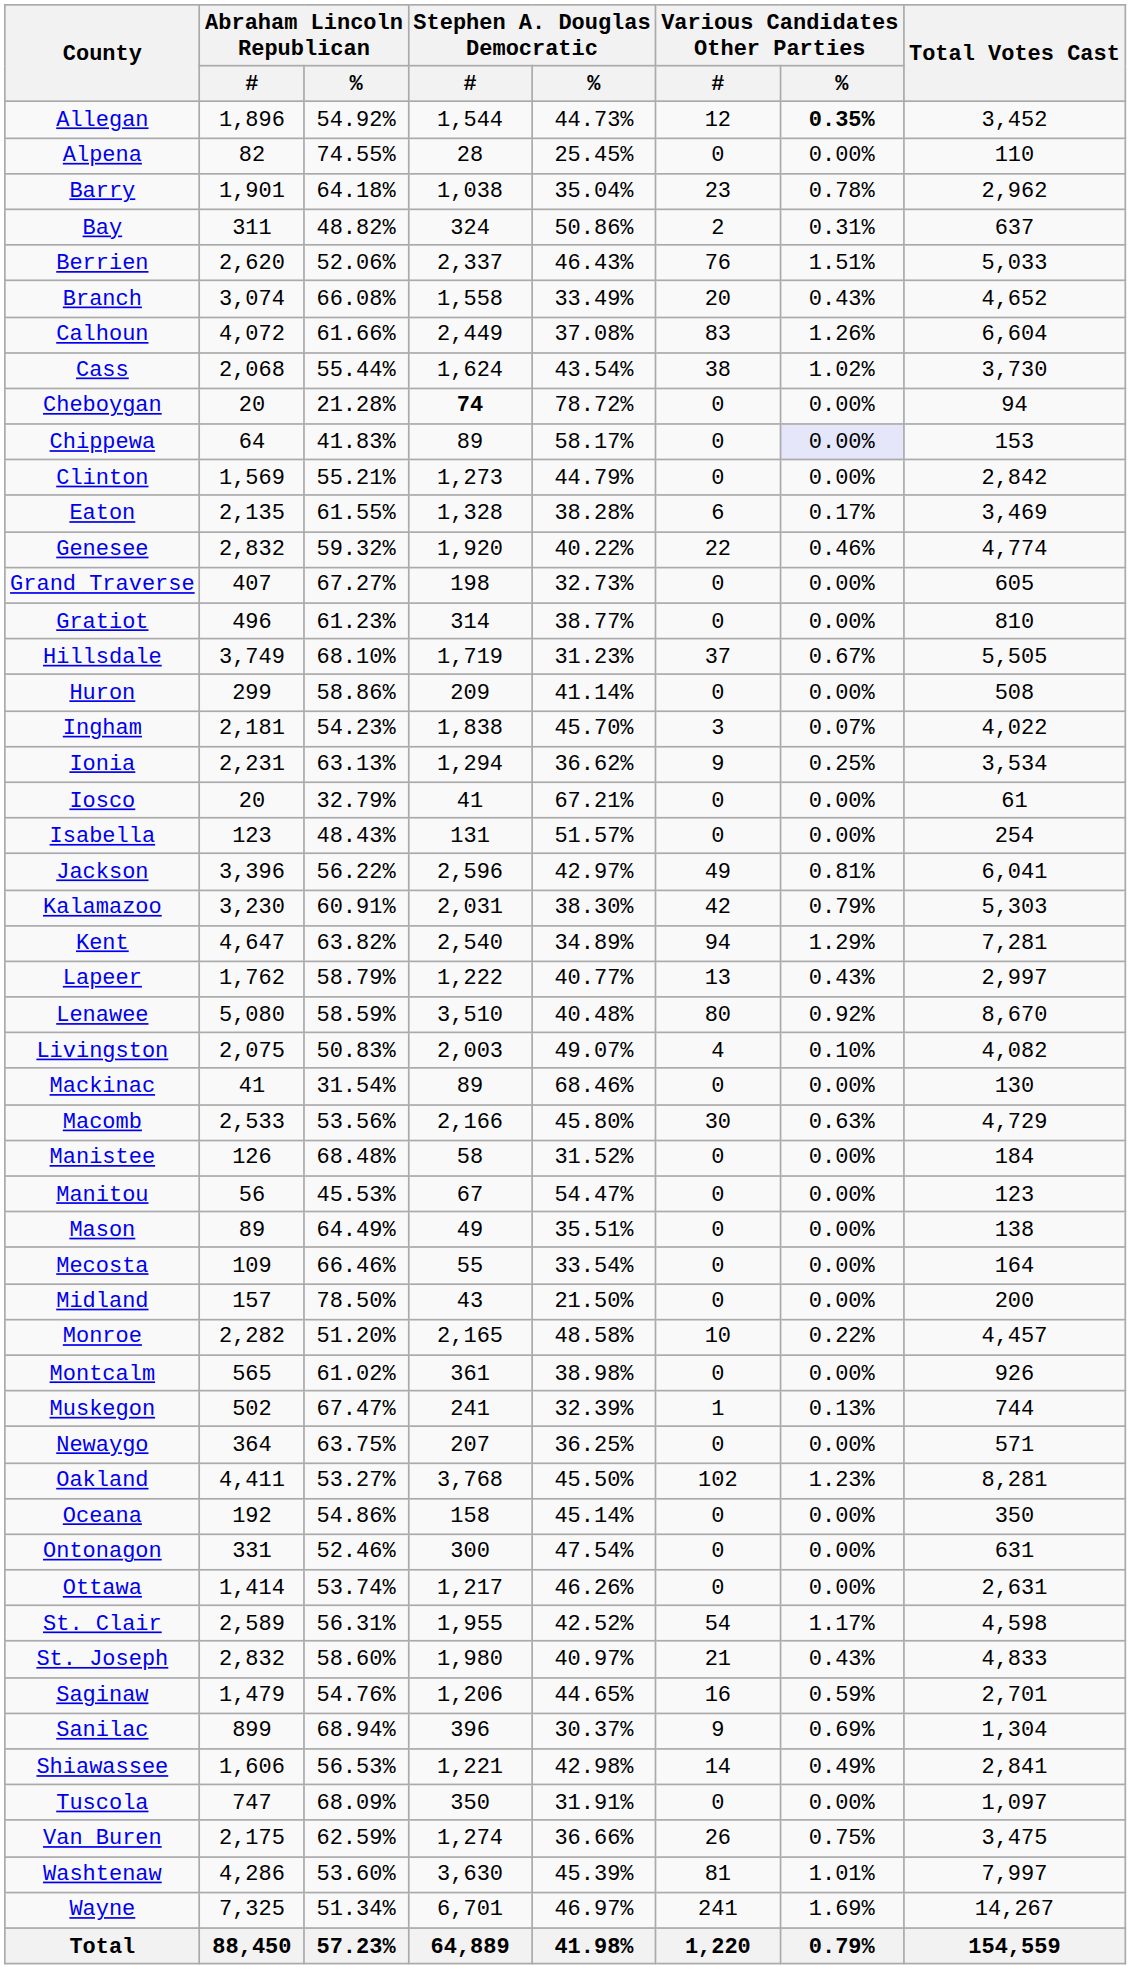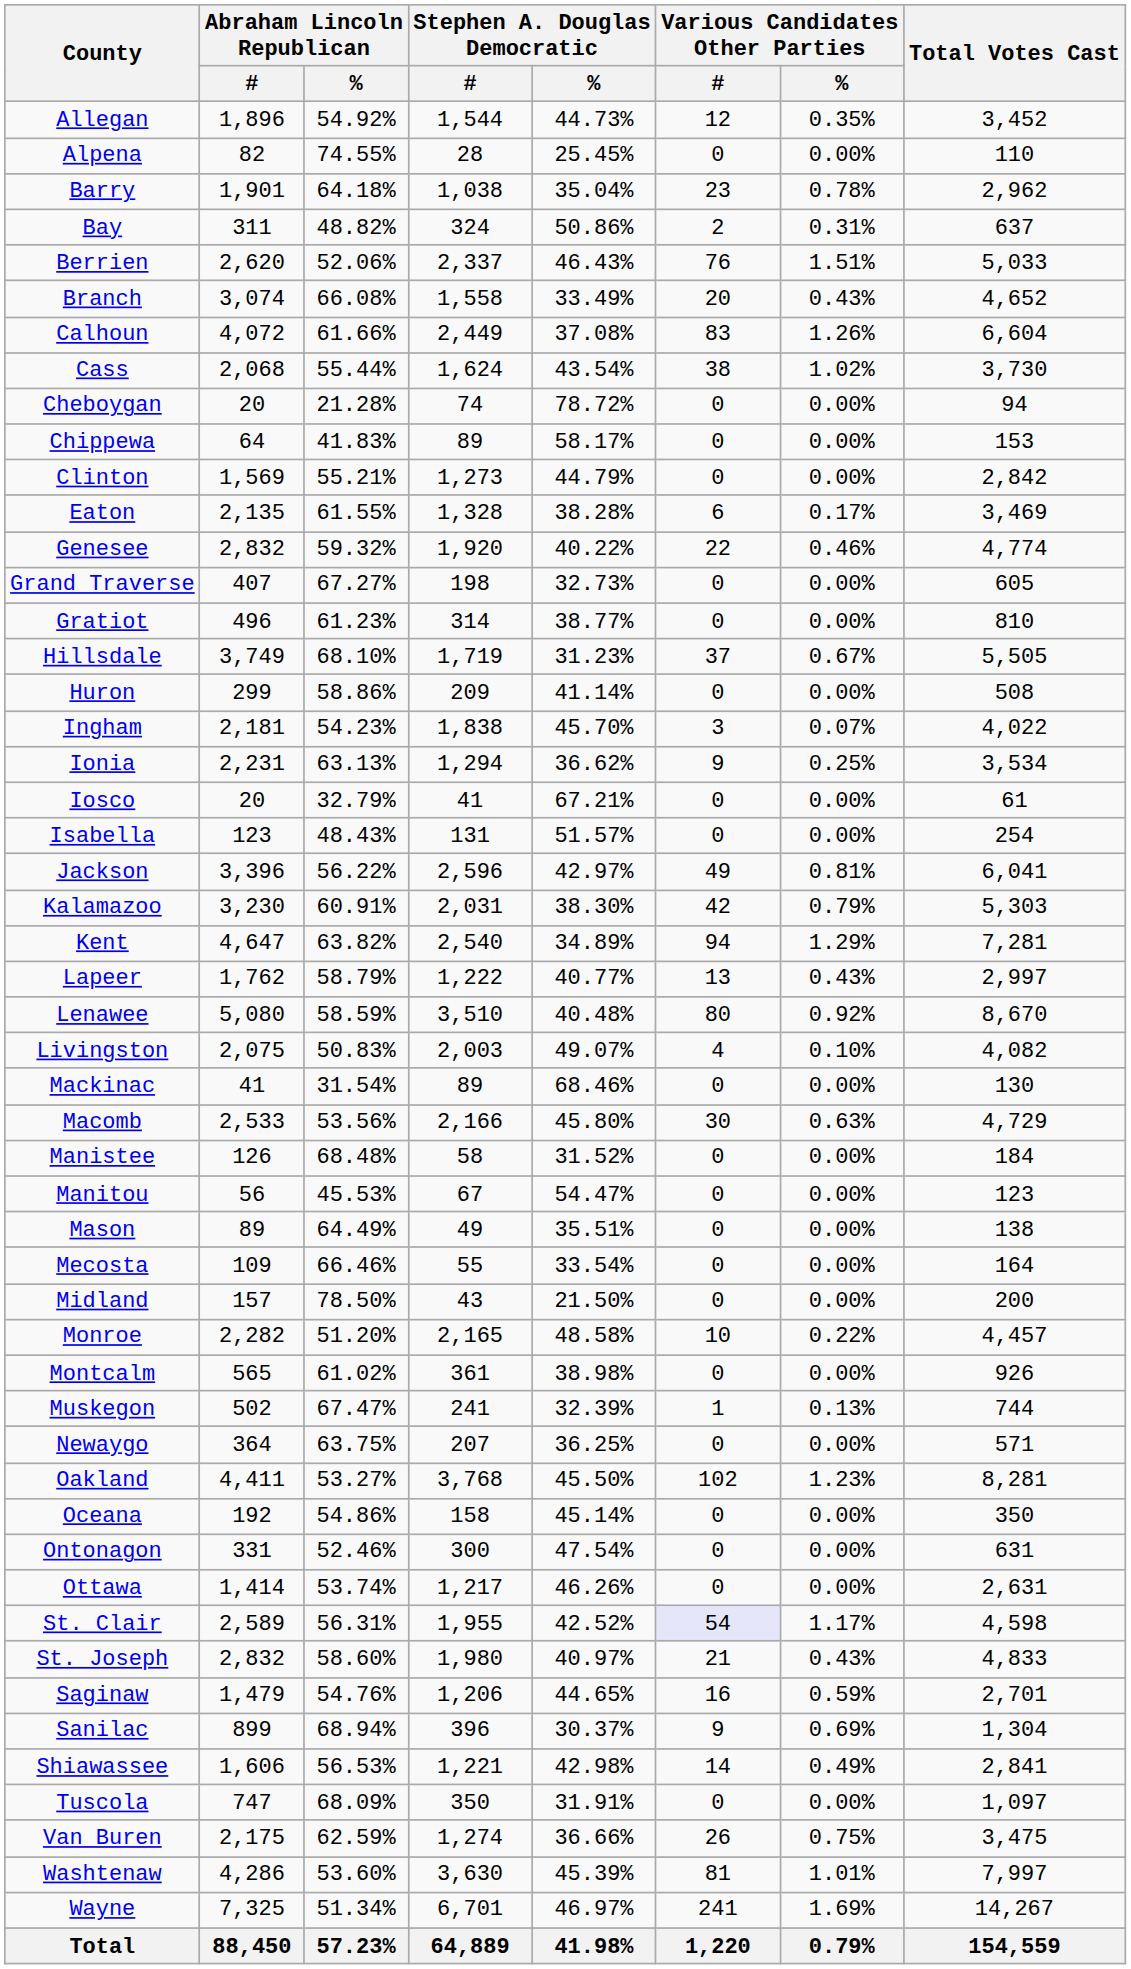 <table class="wikitable sortable">
 <tr>
 <th rowspan="2">County</th>
 <th colspan="2">Abraham Lincoln<br>Republican</th>
 <th colspan="2">Stephen A. Douglas<br>Democratic</th>
 <th colspan="2">Various Candidates<br>Other Parties</th>
 <th rowspan="2">Total Votes Cast</th>
 </tr>
 <tr style="text-align:center">
 <th>#</th>
 <th>%</th>
 <th>#</th>
 <th>%</th>
 <th>#</th>
 <th>%</th>
 </tr>
 <tr style="text-align:center">
 <td><a href='#'>Allegan</a></td>
 <td>1,896</td>
 <td>54.92%</td>
 <td>1,544</td>
 <td>44.73%</td>
 <td>12</td>
-<td><strong>0.35%</strong></td>
+<td>0.35%</td>
 <td>3,452</td>
 </tr>
 <tr style="text-align:center">
 <td><a href='#'>Alpena</a></td>
 <td>82</td>
 <td>74.55%</td>
 <td>28</td>
 <td>25.45%</td>
 <td>0</td>
 <td>0.00%</td>
 <td>110</td>
 </tr>
 <tr style="text-align:center">
 <td><a href='#'>Barry</a></td>
 <td>1,901</td>
 <td>64.18%</td>
 <td>1,038</td>
 <td>35.04%</td>
 <td>23</td>
 <td>0.78%</td>
 <td>2,962</td>
 </tr>
 <tr style="text-align:center">
 <td><a href='#'>Bay</a></td>
 <td>311</td>
 <td>48.82%</td>
 <td>324</td>
 <td>50.86%</td>
 <td>2</td>
 <td>0.31%</td>
 <td>637</td>
 </tr>
 <tr style="text-align:center">
 <td><a href='#'>Berrien</a></td>
 <td>2,620</td>
 <td>52.06%</td>
 <td>2,337</td>
 <td>46.43%</td>
 <td>76</td>
 <td>1.51%</td>
 <td>5,033</td>
 </tr>
 <tr style="text-align:center">
 <td><a href='#'>Branch</a></td>
 <td>3,074</td>
 <td>66.08%</td>
 <td>1,558</td>
 <td>33.49%</td>
 <td>20</td>
 <td>0.43%</td>
 <td>4,652</td>
 </tr>
 <tr style="text-align:center">
 <td><a href='#'>Calhoun</a></td>
 <td>4,072</td>
 <td>61.66%</td>
 <td>2,449</td>
 <td>37.08%</td>
 <td>83</td>
 <td>1.26%</td>
 <td>6,604</td>
 </tr>
 <tr style="text-align:center">
 <td><a href='#'>Cass</a></td>
 <td>2,068</td>
 <td>55.44%</td>
 <td>1,624</td>
 <td>43.54%</td>
 <td>38</td>
 <td>1.02%</td>
 <td>3,730</td>
 </tr>
 <tr style="text-align:center">
 <td><a href='#'>Cheboygan</a></td>
 <td>20</td>
 <td>21.28%</td>
-<td><strong>74</strong></td>
+<td>74</td>
 <td>78.72%</td>
 <td>0</td>
 <td>0.00%</td>
 <td>94</td>
 </tr>
 <tr style="text-align:center">
 <td><a href='#'>Chippewa</a></td>
 <td>64</td>
 <td>41.83%</td>
 <td>89</td>
 <td>58.17%</td>
 <td>0</td>
-<td style="background: lavender;">0.00%</td>
+<td>0.00%</td>
 <td>153</td>
 </tr>
 <tr style="text-align:center">
 <td><a href='#'>Clinton</a></td>
 <td>1,569</td>
 <td>55.21%</td>
 <td>1,273</td>
 <td>44.79%</td>
 <td>0</td>
 <td>0.00%</td>
 <td>2,842</td>
 </tr>
 <tr style="text-align:center">
 <td><a href='#'>Eaton</a></td>
 <td>2,135</td>
 <td>61.55%</td>
 <td>1,328</td>
 <td>38.28%</td>
 <td>6</td>
 <td>0.17%</td>
 <td>3,469</td>
 </tr>
 <tr style="text-align:center">
 <td><a href='#'>Genesee</a></td>
 <td>2,832</td>
 <td>59.32%</td>
 <td>1,920</td>
 <td>40.22%</td>
 <td>22</td>
 <td>0.46%</td>
 <td>4,774</td>
 </tr>
 <tr style="text-align:center">
 <td><a href='#'>Grand Traverse</a></td>
 <td>407</td>
 <td>67.27%</td>
 <td>198</td>
 <td>32.73%</td>
 <td>0</td>
 <td>0.00%</td>
 <td>605</td>
 </tr>
 <tr style="text-align:center">
 <td><a href='#'>Gratiot</a></td>
 <td>496</td>
 <td>61.23%</td>
 <td>314</td>
 <td>38.77%</td>
 <td>0</td>
 <td>0.00%</td>
 <td>810</td>
 </tr>
 <tr style="text-align:center">
 <td><a href='#'>Hillsdale</a></td>
 <td>3,749</td>
 <td>68.10%</td>
 <td>1,719</td>
 <td>31.23%</td>
 <td>37</td>
 <td>0.67%</td>
 <td>5,505</td>
 </tr>
 <tr style="text-align:center">
 <td><a href='#'>Huron</a></td>
 <td>299</td>
 <td>58.86%</td>
 <td>209</td>
 <td>41.14%</td>
 <td>0</td>
 <td>0.00%</td>
 <td>508</td>
 </tr>
 <tr style="text-align:center">
 <td><a href='#'>Ingham</a></td>
 <td>2,181</td>
 <td>54.23%</td>
 <td>1,838</td>
 <td>45.70%</td>
 <td>3</td>
 <td>0.07%</td>
 <td>4,022</td>
 </tr>
 <tr style="text-align:center">
 <td><a href='#'>Ionia</a></td>
 <td>2,231</td>
 <td>63.13%</td>
 <td>1,294</td>
 <td>36.62%</td>
 <td>9</td>
 <td>0.25%</td>
 <td>3,534</td>
 </tr>
 <tr style="text-align:center">
 <td><a href='#'>Iosco</a></td>
 <td>20</td>
 <td>32.79%</td>
 <td>41</td>
 <td>67.21%</td>
 <td>0</td>
 <td>0.00%</td>
 <td>61</td>
 </tr>
 <tr style="text-align:center">
 <td><a href='#'>Isabella</a></td>
 <td>123</td>
 <td>48.43%</td>
 <td>131</td>
 <td>51.57%</td>
 <td>0</td>
 <td>0.00%</td>
 <td>254</td>
 </tr>
 <tr style="text-align:center">
 <td><a href='#'>Jackson</a></td>
 <td>3,396</td>
 <td>56.22%</td>
 <td>2,596</td>
 <td>42.97%</td>
 <td>49</td>
 <td>0.81%</td>
 <td>6,041</td>
 </tr>
 <tr style="text-align:center">
 <td><a href='#'>Kalamazoo</a></td>
 <td>3,230</td>
 <td>60.91%</td>
 <td>2,031</td>
 <td>38.30%</td>
 <td>42</td>
 <td>0.79%</td>
 <td>5,303</td>
 </tr>
 <tr style="text-align:center">
 <td><a href='#'>Kent</a></td>
 <td>4,647</td>
 <td>63.82%</td>
 <td>2,540</td>
 <td>34.89%</td>
 <td>94</td>
 <td>1.29%</td>
 <td>7,281</td>
 </tr>
 <tr style="text-align:center">
 <td><a href='#'>Lapeer</a></td>
 <td>1,762</td>
 <td>58.79%</td>
 <td>1,222</td>
 <td>40.77%</td>
 <td>13</td>
 <td>0.43%</td>
 <td>2,997</td>
 </tr>
 <tr style="text-align:center">
 <td><a href='#'>Lenawee</a></td>
 <td>5,080</td>
 <td>58.59%</td>
 <td>3,510</td>
 <td>40.48%</td>
 <td>80</td>
 <td>0.92%</td>
 <td>8,670</td>
 </tr>
 <tr style="text-align:center">
 <td><a href='#'>Livingston</a></td>
 <td>2,075</td>
 <td>50.83%</td>
 <td>2,003</td>
 <td>49.07%</td>
 <td>4</td>
 <td>0.10%</td>
 <td>4,082</td>
 </tr>
 <tr style="text-align:center">
 <td><a href='#'>Mackinac</a></td>
 <td>41</td>
 <td>31.54%</td>
 <td>89</td>
 <td>68.46%</td>
 <td>0</td>
 <td>0.00%</td>
 <td>130</td>
 </tr>
 <tr style="text-align:center">
 <td><a href='#'>Macomb</a></td>
 <td>2,533</td>
 <td>53.56%</td>
 <td>2,166</td>
 <td>45.80%</td>
 <td>30</td>
 <td>0.63%</td>
 <td>4,729</td>
 </tr>
 <tr style="text-align:center">
 <td><a href='#'>Manistee</a></td>
 <td>126</td>
 <td>68.48%</td>
 <td>58</td>
 <td>31.52%</td>
 <td>0</td>
 <td>0.00%</td>
 <td>184</td>
 </tr>
 <tr style="text-align:center">
 <td><a href='#'>Manitou</a></td>
 <td>56</td>
 <td>45.53%</td>
 <td>67</td>
 <td>54.47%</td>
 <td>0</td>
 <td>0.00%</td>
 <td>123</td>
 </tr>
 <tr style="text-align:center">
 <td><a href='#'>Mason</a></td>
 <td>89</td>
 <td>64.49%</td>
 <td>49</td>
 <td>35.51%</td>
 <td>0</td>
 <td>0.00%</td>
 <td>138</td>
 </tr>
 <tr style="text-align:center">
 <td><a href='#'>Mecosta</a></td>
 <td>109</td>
 <td>66.46%</td>
 <td>55</td>
 <td>33.54%</td>
 <td>0</td>
 <td>0.00%</td>
 <td>164</td>
 </tr>
 <tr style="text-align:center">
 <td><a href='#'>Midland</a></td>
 <td>157</td>
 <td>78.50%</td>
 <td>43</td>
 <td>21.50%</td>
 <td>0</td>
 <td>0.00%</td>
 <td>200</td>
 </tr>
 <tr style="text-align:center">
 <td><a href='#'>Monroe</a></td>
 <td>2,282</td>
 <td>51.20%</td>
 <td>2,165</td>
 <td>48.58%</td>
 <td>10</td>
 <td>0.22%</td>
 <td>4,457</td>
 </tr>
 <tr style="text-align:center">
 <td><a href='#'>Montcalm</a></td>
 <td>565</td>
 <td>61.02%</td>
 <td>361</td>
 <td>38.98%</td>
 <td>0</td>
 <td>0.00%</td>
 <td>926</td>
 </tr>
 <tr style="text-align:center">
 <td><a href='#'>Muskegon</a></td>
 <td>502</td>
 <td>67.47%</td>
 <td>241</td>
 <td>32.39%</td>
 <td>1</td>
 <td>0.13%</td>
 <td>744</td>
 </tr>
 <tr style="text-align:center">
 <td><a href='#'>Newaygo</a></td>
 <td>364</td>
 <td>63.75%</td>
 <td>207</td>
 <td>36.25%</td>
 <td>0</td>
 <td>0.00%</td>
 <td>571</td>
 </tr>
 <tr style="text-align:center">
 <td><a href='#'>Oakland</a></td>
 <td>4,411</td>
 <td>53.27%</td>
 <td>3,768</td>
 <td>45.50%</td>
 <td>102</td>
 <td>1.23%</td>
 <td>8,281</td>
 </tr>
 <tr style="text-align:center">
 <td><a href='#'>Oceana</a></td>
 <td>192</td>
 <td>54.86%</td>
 <td>158</td>
 <td>45.14%</td>
 <td>0</td>
 <td>0.00%</td>
 <td>350</td>
 </tr>
 <tr style="text-align:center">
 <td><a href='#'>Ontonagon</a></td>
 <td>331</td>
 <td>52.46%</td>
 <td>300</td>
 <td>47.54%</td>
 <td>0</td>
 <td>0.00%</td>
 <td>631</td>
 </tr>
 <tr style="text-align:center">
 <td><a href='#'>Ottawa</a></td>
 <td>1,414</td>
 <td>53.74%</td>
 <td>1,217</td>
 <td>46.26%</td>
 <td>0</td>
 <td>0.00%</td>
 <td>2,631</td>
 </tr>
 <tr style="text-align:center">
 <td><a href='#'>St. Clair</a></td>
 <td>2,589</td>
 <td>56.31%</td>
 <td>1,955</td>
 <td>42.52%</td>
-<td>54</td>
+<td style="background: lavender;">54</td>
 <td>1.17%</td>
 <td>4,598</td>
 </tr>
 <tr style="text-align:center">
 <td><a href='#'>St. Joseph</a></td>
 <td>2,832</td>
 <td>58.60%</td>
 <td>1,980</td>
 <td>40.97%</td>
 <td>21</td>
 <td>0.43%</td>
 <td>4,833</td>
 </tr>
 <tr style="text-align:center">
 <td><a href='#'>Saginaw</a></td>
 <td>1,479</td>
 <td>54.76%</td>
 <td>1,206</td>
 <td>44.65%</td>
 <td>16</td>
 <td>0.59%</td>
 <td>2,701</td>
 </tr>
 <tr style="text-align:center">
 <td><a href='#'>Sanilac</a></td>
 <td>899</td>
 <td>68.94%</td>
 <td>396</td>
 <td>30.37%</td>
 <td>9</td>
 <td>0.69%</td>
 <td>1,304</td>
 </tr>
 <tr style="text-align:center">
 <td><a href='#'>Shiawassee</a></td>
 <td>1,606</td>
 <td>56.53%</td>
 <td>1,221</td>
 <td>42.98%</td>
 <td>14</td>
 <td>0.49%</td>
 <td>2,841</td>
 </tr>
 <tr style="text-align:center">
 <td><a href='#'>Tuscola</a></td>
 <td>747</td>
 <td>68.09%</td>
 <td>350</td>
 <td>31.91%</td>
 <td>0</td>
 <td>0.00%</td>
 <td>1,097</td>
 </tr>
 <tr style="text-align:center">
 <td><a href='#'>Van Buren</a></td>
 <td>2,175</td>
 <td>62.59%</td>
 <td>1,274</td>
 <td>36.66%</td>
 <td>26</td>
 <td>0.75%</td>
 <td>3,475</td>
 </tr>
 <tr style="text-align:center">
 <td><a href='#'>Washtenaw</a></td>
 <td>4,286</td>
 <td>53.60%</td>
 <td>3,630</td>
 <td>45.39%</td>
 <td>81</td>
 <td>1.01%</td>
 <td>7,997</td>
 </tr>
 <tr style="text-align:center">
 <td><a href='#'>Wayne</a></td>
 <td>7,325</td>
 <td>51.34%</td>
 <td>6,701</td>
 <td>46.97%</td>
 <td>241</td>
 <td>1.69%</td>
 <td>14,267</td>
 </tr>
 <tr style="text-align:center">
 <th>Total</th>
 <th>88,450</th>
 <th>57.23%</th>
 <th>64,889</th>
 <th>41.98%</th>
 <th>1,220</th>
 <th>0.79%</th>
 <th>154,559</th>
 </tr>
 </table>
